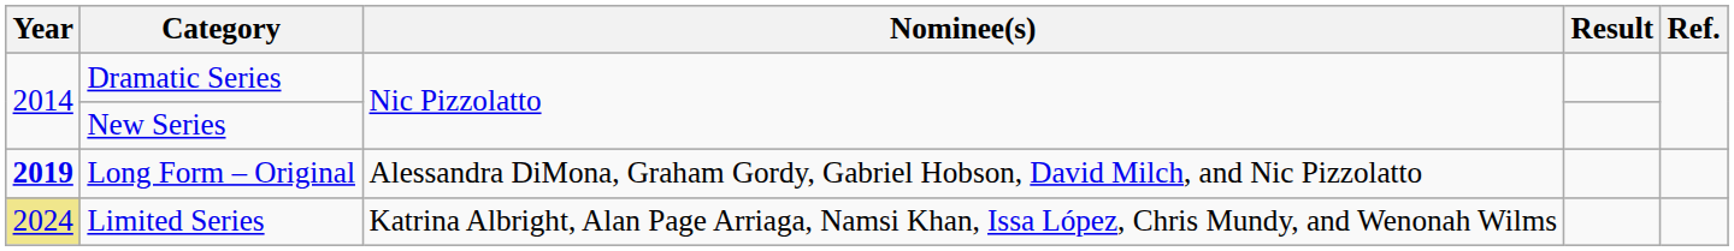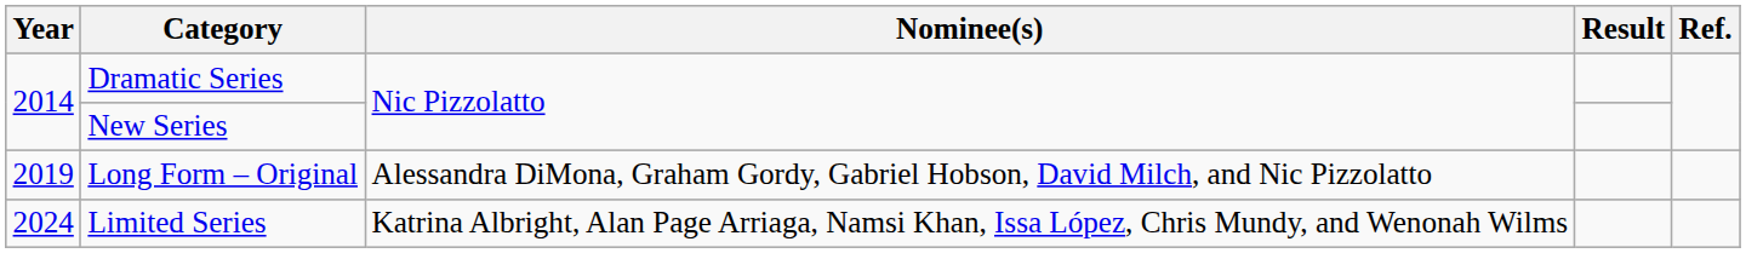 <table class="wikitable plainrowheaders">
 <tr>
 <th>Year</th>
 <th>Category</th>
 <th>Nominee(s)</th>
 <th>Result</th>
 <th>Ref.</th>
 </tr>
 <tr>
 <td rowspan="2"><a href='#'>2014</a></td>
 <td><a href='#'>Dramatic Series</a></td>
 <td rowspan="2"><a href='#'>Nic Pizzolatto</a></td>
 <td></td>
 <td align="center" rowspan="2"></td>
 </tr>
 <tr>
 <td><a href='#'>New Series</a></td>
 <td></td>
 </tr>
 <tr>
-<td><strong><a href='#'>2019</a></strong></td>
+<td><a href='#'>2019</a></td>
 <td><a href='#'>Long Form – Original</a></td>
 <td>Alessandra DiMona, Graham Gordy, Gabriel Hobson, <a href='#'>David Milch</a>, and Nic Pizzolatto</td>
 <td></td>
 <td align="center"></td>
 </tr>
 <tr>
-<td style="background: khaki;"><a href='#'>2024</a></td>
+<td><a href='#'>2024</a></td>
 <td><a href='#'>Limited Series</a></td>
 <td>Katrina Albright, Alan Page Arriaga, Namsi Khan, <a href='#'>Issa López</a>, Chris Mundy, and Wenonah Wilms</td>
 <td></td>
 <td align="center"></td>
 </tr>
 </table>
